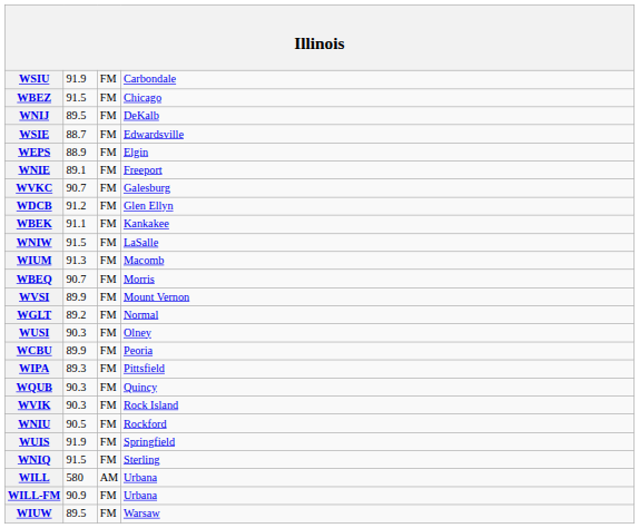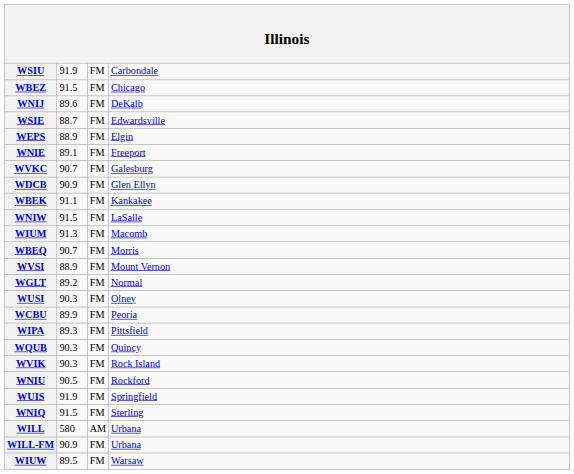 <table class="wikitable mw-collapsible" style="width:100%">
 <tr>
 <th scope="col" colspan="4"><br><h2>Illinois</h2></th>
 </tr>
 <tr>
 <th scope="row" style="width: 75px;"><a href='#'>WSIU</a></th>
 <td style="width: 40px;">91.9</td>
 <td style="width: 21px;">FM</td>
 <td><a href='#'>Carbondale</a></td>
 </tr>
 <tr>
 <th scope="row"><a href='#'>WBEZ</a></th>
 <td>91.5</td>
 <td>FM</td>
 <td><a href='#'>Chicago</a></td>
 </tr>
 <tr>
 <th scope="row"><a href='#'>WNIJ</a></th>
-<td>89.5</td>
+<td>89.6</td>
 <td>FM</td>
 <td><a href='#'>DeKalb</a></td>
 </tr>
 <tr>
 <th scope="row"><a href='#'>WSIE</a></th>
 <td>88.7</td>
 <td>FM</td>
 <td><a href='#'>Edwardsville</a></td>
 </tr>
 <tr>
 <th scope="row"><a href='#'>WEPS</a></th>
 <td>88.9</td>
 <td>FM</td>
 <td><a href='#'>Elgin</a></td>
 </tr>
 <tr>
 <th scope="row"><a href='#'>WNIE</a></th>
 <td>89.1</td>
 <td>FM</td>
 <td><a href='#'>Freeport</a></td>
 </tr>
 <tr>
 <th scope="row"><a href='#'>WVKC</a></th>
 <td>90.7</td>
 <td>FM</td>
 <td><a href='#'>Galesburg</a></td>
 </tr>
 <tr>
 <th scope="row"><a href='#'>WDCB</a></th>
-<td>91.2</td>
+<td>90.9</td>
 <td>FM</td>
 <td><a href='#'>Glen Ellyn</a></td>
 </tr>
 <tr>
 <th scope="row"><a href='#'>WBEK</a></th>
 <td>91.1</td>
 <td>FM</td>
 <td><a href='#'>Kankakee</a></td>
 </tr>
 <tr>
 <th scope="row"><a href='#'>WNIW</a></th>
 <td>91.5</td>
 <td>FM</td>
 <td><a href='#'>LaSalle</a></td>
 </tr>
 <tr>
 <th scope="row"><a href='#'>WIUM</a></th>
 <td>91.3</td>
 <td>FM</td>
 <td><a href='#'>Macomb</a></td>
 </tr>
 <tr>
 <th scope="row"><a href='#'>WBEQ</a></th>
 <td>90.7</td>
 <td>FM</td>
 <td><a href='#'>Morris</a></td>
 </tr>
 <tr>
 <th scope="row"><a href='#'>WVSI</a></th>
-<td>89.9</td>
+<td>88.9</td>
 <td>FM</td>
 <td><a href='#'>Mount Vernon</a></td>
 </tr>
 <tr>
 <th scope="row"><a href='#'>WGLT</a></th>
 <td>89.2</td>
 <td>FM</td>
 <td><a href='#'>Normal</a></td>
 </tr>
 <tr>
 <th scope="row"><a href='#'>WUSI</a></th>
 <td>90.3</td>
 <td>FM</td>
 <td><a href='#'>Olney</a></td>
 </tr>
 <tr>
 <th scope="row"><a href='#'>WCBU</a></th>
 <td>89.9</td>
 <td>FM</td>
 <td><a href='#'>Peoria</a></td>
 </tr>
 <tr>
 <th scope="row"><a href='#'>WIPA</a></th>
 <td>89.3</td>
 <td>FM</td>
 <td><a href='#'>Pittsfield</a></td>
 </tr>
 <tr>
 <th scope="row"><a href='#'>WQUB</a></th>
 <td>90.3</td>
 <td>FM</td>
 <td><a href='#'>Quincy</a></td>
 </tr>
 <tr>
 <th scope="row"><a href='#'>WVIK</a></th>
 <td>90.3</td>
 <td>FM</td>
 <td><a href='#'>Rock Island</a></td>
 </tr>
 <tr>
 <th scope="row"><a href='#'>WNIU</a></th>
 <td>90.5</td>
 <td>FM</td>
 <td><a href='#'>Rockford</a></td>
 </tr>
 <tr>
 <th scope="row"><a href='#'>WUIS</a></th>
 <td>91.9</td>
 <td>FM</td>
 <td><a href='#'>Springfield</a></td>
 </tr>
 <tr>
 <th scope="row"><a href='#'>WNIQ</a></th>
 <td>91.5</td>
 <td>FM</td>
 <td><a href='#'>Sterling</a></td>
 </tr>
 <tr>
 <th scope="row"><a href='#'>WILL</a></th>
 <td>580</td>
 <td>AM</td>
 <td><a href='#'>Urbana</a></td>
 </tr>
 <tr>
 <th scope="row"><a href='#'>WILL-FM</a></th>
 <td>90.9</td>
 <td>FM</td>
 <td><a href='#'>Urbana</a></td>
 </tr>
 <tr>
 <th scope="row"><a href='#'>WIUW</a></th>
 <td>89.5</td>
 <td>FM</td>
 <td><a href='#'>Warsaw</a></td>
 </tr>
 </table>
